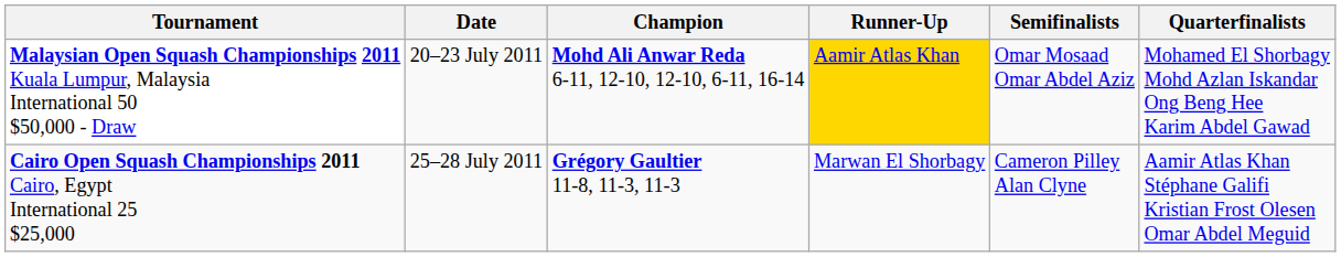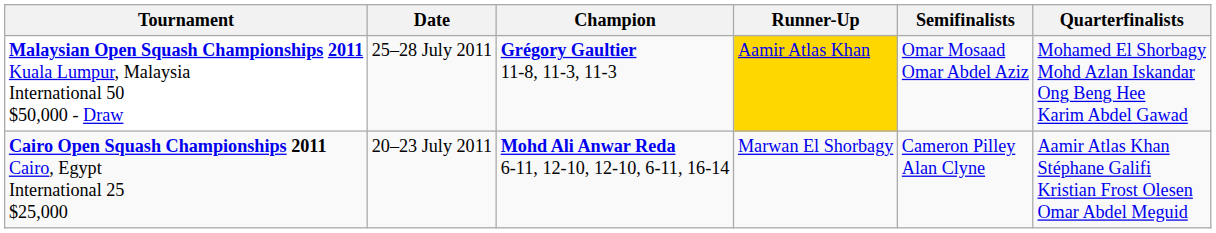 <table class="wikitable" style="font-size:88%">
 <tr>
 <th>Tournament</th>
 <th>Date</th>
 <th>Champion</th>
 <th>Runner-Up</th>
 <th>Semifinalists</th>
 <th>Quarterfinalists</th>
 </tr>
 <tr valign=top>
 <td style="background:#fff;"><strong><a href='#'>Malaysian Open Squash Championships</a> <a href='#'>2011</a></strong><br> <a href='#'>Kuala Lumpur</a>, Malaysia<br>International 50<br>$50,000 - <a href='#'>Draw</a></td>
-<td>20–23 July 2011</td>
-<td> <strong><a href='#'>Mohd Ali Anwar Reda</a></strong><br>6-11, 12-10, 12-10, 6-11, 16-14</td>
+<td>25–28 July 2011</td>
+<td> <strong><a href='#'>Grégory Gaultier</a></strong><br>11-8, 11-3, 11-3</td>
 <td style="background: gold;"> <a href='#'>Aamir Atlas Khan</a></td>
 <td> <a href='#'>Omar Mosaad</a><br> <a href='#'>Omar Abdel Aziz</a></td>
 <td> <a href='#'>Mohamed El Shorbagy</a><br> <a href='#'>Mohd Azlan Iskandar</a><br> <a href='#'>Ong Beng Hee</a><br> <a href='#'>Karim Abdel Gawad</a></td>
 </tr>
 <tr valign=top>
 <td><strong><a href='#'>Cairo Open Squash Championships</a> 2011</strong><br> <a href='#'>Cairo</a>, Egypt<br>International 25<br>$25,000</td>
-<td>25–28 July 2011</td>
-<td> <strong><a href='#'>Grégory Gaultier</a></strong><br>11-8, 11-3, 11-3</td>
+<td>20–23 July 2011</td>
+<td> <strong><a href='#'>Mohd Ali Anwar Reda</a></strong><br>6-11, 12-10, 12-10, 6-11, 16-14</td>
 <td> <a href='#'>Marwan El Shorbagy</a></td>
 <td> <a href='#'>Cameron Pilley</a><br> <a href='#'>Alan Clyne</a></td>
 <td> <a href='#'>Aamir Atlas Khan</a><br> <a href='#'>Stéphane Galifi</a><br> <a href='#'>Kristian Frost Olesen</a><br> <a href='#'>Omar Abdel Meguid</a></td>
 </tr>
 </table>
